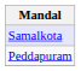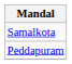 <table class="wikitable sortable static-row-numbers static-row-header-hash">
 <tr>
 <th>Mandal</th>
 </tr>
 <tr>
-<td style="background: lavender;"><a href='#'>Samalkota</a></td>
+<td><a href='#'>Samalkota</a></td>
 </tr>
 <tr>
 <td><a href='#'>Peddapuram</a></td>
 </tr>
 <tr>
 </tr>
 </table>
